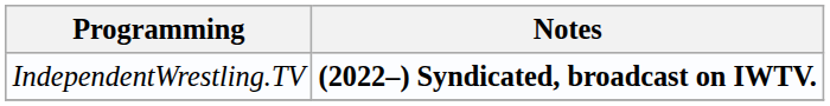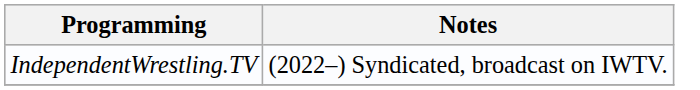 <table class="wikitable" style="background:#fcfdff; font-size:95%;">
 <tr>
 <th>Programming</th>
 <th>Notes</th>
 </tr>
 <tr>
 <td><em>IndependentWrestling.TV</em></td>
-<td><strong>(2022–) Syndicated, broadcast on IWTV.</strong></td>
+<td>(2022–) Syndicated, broadcast on IWTV.</td>
 </tr>
 <tr>
 </tr>
 </table>
